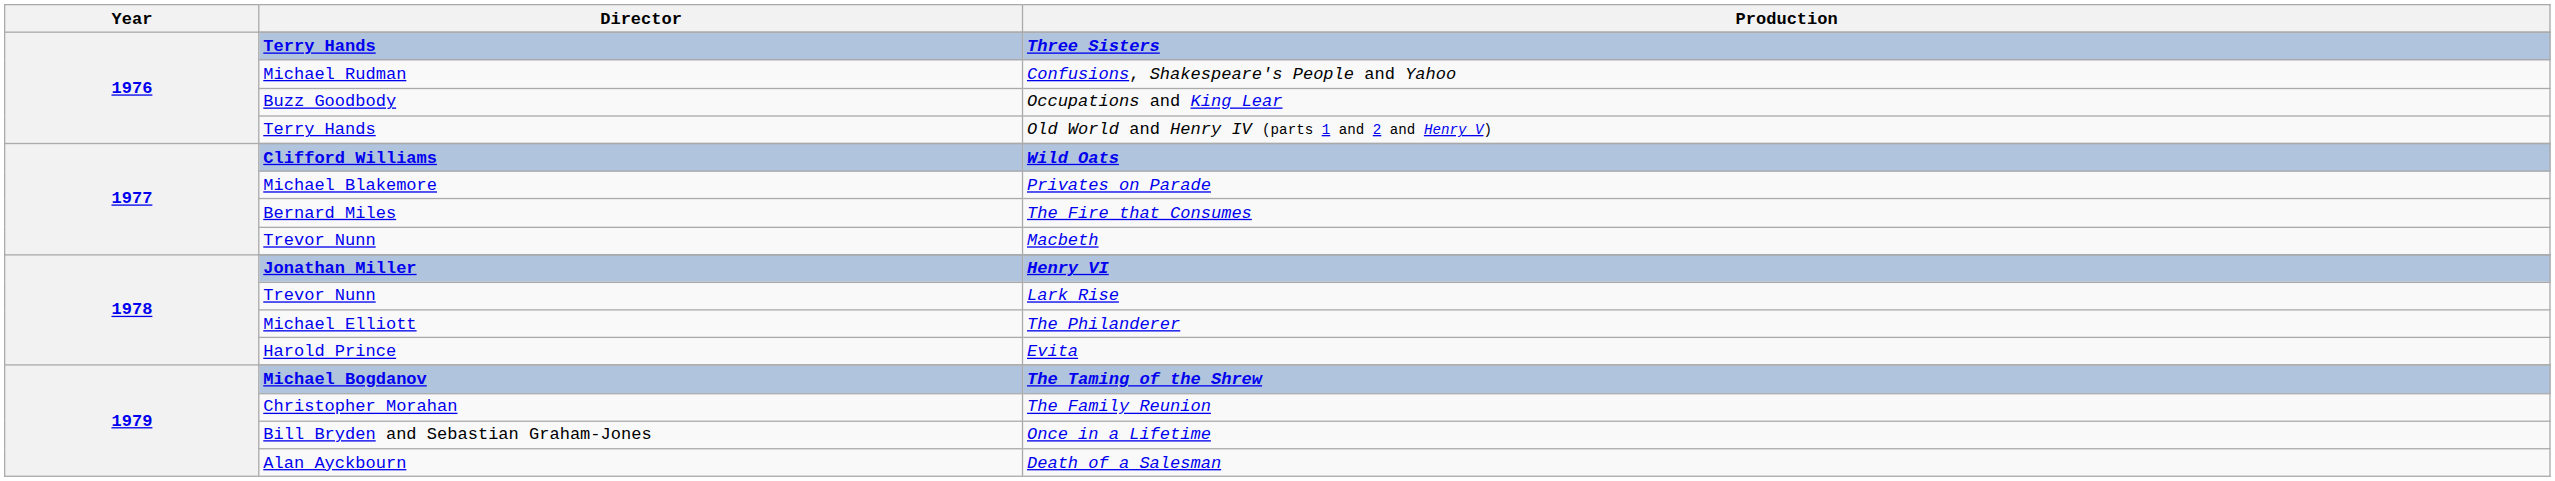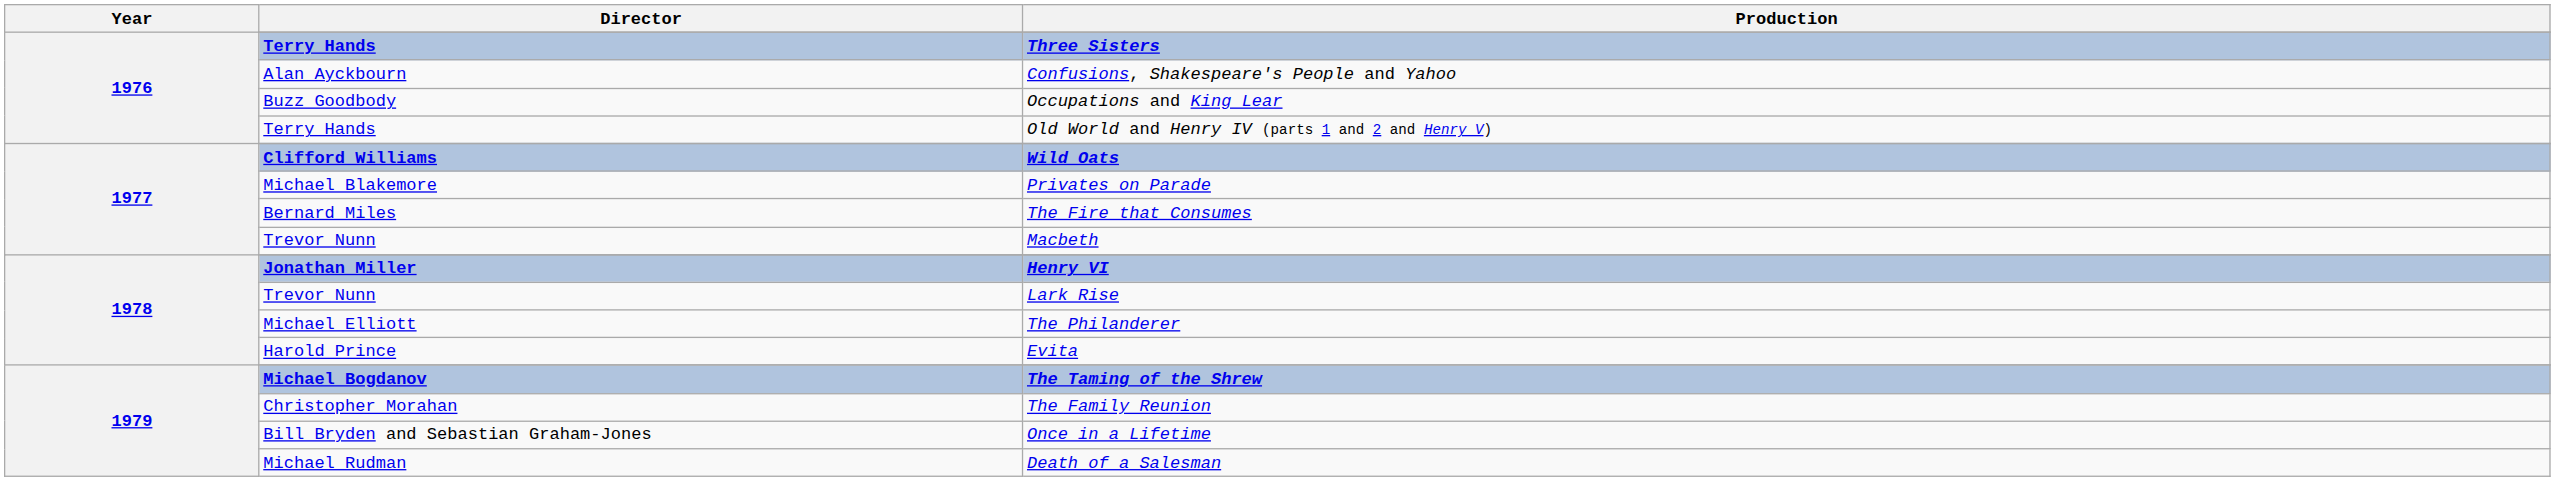 <table class="wikitable" style="width:98%;">
 <tr>
 <th style="width:10%;">Year</th>
 <th style="width:30%;">Director</th>
 <th style="width:60%;">Production</th>
 </tr>
 <tr>
 <th rowspan="5"><a href='#'>1976</a></th>
 </tr>
 <tr style="background:#B0C4DE">
 <td><strong><a href='#'>Terry Hands</a></strong></td>
 <td><strong><em><a href='#'>Three Sisters</a></em></strong></td>
 </tr>
 <tr>
-<td><a href='#'>Michael Rudman</a></td>
+<td><a href='#'>Alan Ayckbourn</a></td>
 <td><em><a href='#'>Confusions</a></em>, <em>Shakespeare's People</em> and <em>Yahoo</em></td>
 </tr>
 <tr>
 <td><a href='#'>Buzz Goodbody</a></td>
 <td><em>Occupations</em> and <em><a href='#'>King Lear</a></em></td>
 </tr>
 <tr>
 <td><a href='#'>Terry Hands</a></td>
 <td><em>Old World</em> and <em>Henry IV</em> <small>(parts <a href='#'>1</a> and <a href='#'>2</a> and <em><a href='#'>Henry V</a></em>)</small></td>
 </tr>
 <tr>
 <th rowspan="5"><a href='#'>1977</a></th>
 </tr>
 <tr style="background:#B0C4DE">
 <td><strong><a href='#'>Clifford Williams</a></strong></td>
 <td><strong><em><a href='#'>Wild Oats</a></em></strong></td>
 </tr>
 <tr>
 <td><a href='#'>Michael Blakemore</a></td>
 <td><em><a href='#'>Privates on Parade</a></em></td>
 </tr>
 <tr>
 <td><a href='#'>Bernard Miles</a></td>
 <td><em><a href='#'>The Fire that Consumes</a></em></td>
 </tr>
 <tr>
 <td><a href='#'>Trevor Nunn</a></td>
 <td><em><a href='#'>Macbeth</a></em></td>
 </tr>
 <tr>
 <th rowspan="5"><a href='#'>1978</a></th>
 </tr>
 <tr style="background:#B0C4DE">
 <td><strong><a href='#'>Jonathan Miller</a></strong></td>
 <td><strong><em><a href='#'>Henry VI</a></em></strong></td>
 </tr>
 <tr>
 <td><a href='#'>Trevor Nunn</a></td>
 <td><em><a href='#'>Lark Rise</a></em></td>
 </tr>
 <tr>
 <td><a href='#'>Michael Elliott</a></td>
 <td><em><a href='#'>The Philanderer</a></em></td>
 </tr>
 <tr>
 <td><a href='#'>Harold Prince</a></td>
 <td><em><a href='#'>Evita</a></em></td>
 </tr>
 <tr>
 <th rowspan="5"><a href='#'>1979</a></th>
 </tr>
 <tr style="background:#B0C4DE">
 <td><strong><a href='#'>Michael Bogdanov</a></strong></td>
 <td><strong><em><a href='#'>The Taming of the Shrew</a></em></strong></td>
 </tr>
 <tr>
 <td><a href='#'>Christopher Morahan</a></td>
 <td><em><a href='#'>The Family Reunion</a></em></td>
 </tr>
 <tr>
 <td><a href='#'>Bill Bryden</a> and Sebastian Graham-Jones</td>
 <td><em><a href='#'>Once in a Lifetime</a></em></td>
 </tr>
 <tr>
-<td><a href='#'>Alan Ayckbourn</a></td>
+<td><a href='#'>Michael Rudman</a></td>
 <td><em><a href='#'>Death of a Salesman</a></em></td>
 </tr>
 </table>
